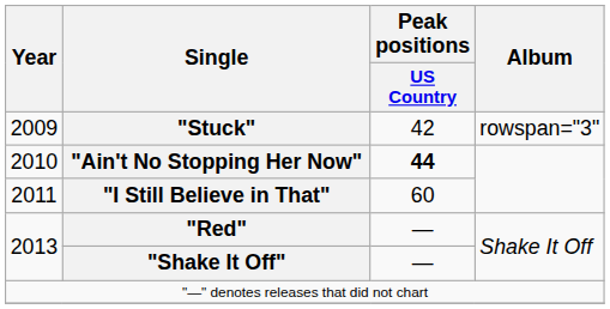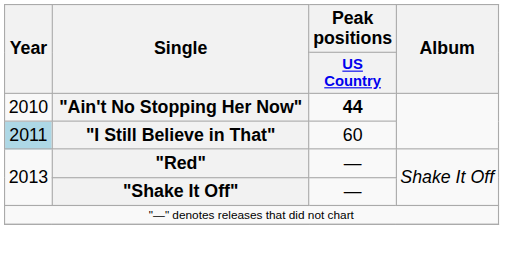 <table class="wikitable plainrowheaders" style="text-align:center;">
 <tr>
 <th rowspan="2">Year</th>
 <th rowspan="2" style="width:14em;">Single</th>
 <th colspan="1">Peak positions</th>
 <th rowspan="2">Album</th>
 </tr>
 <tr style="font-size:smaller;">
 <th width="65"><a href='#'>US Country</a></th>
 </tr>
 <tr>
-<td>2009</td>
-<th scope="row">"Stuck"</th>
-<td>42</td>
-<td>rowspan="3" </td>
-</tr>
-<tr>
 <td>2010</td>
 <th scope="row">"Ain't No Stopping Her Now"</th>
 <td><strong>44</strong></td>
 </tr>
 <tr>
-<td>2011</td>
+<td style="background: lightblue;">2011</td>
 <th scope="row">"I Still Believe in That"</th>
 <td>60</td>
 </tr>
 <tr>
 <td rowspan="2">2013</td>
 <th scope="row">"Red"</th>
 <td>—</td>
 <td align="left" rowspan="2"><em>Shake It Off</em></td>
 </tr>
 <tr>
 <th scope="row">"Shake It Off"</th>
 <td>—</td>
 </tr>
 <tr>
 <td colspan="4" style="font-size:8pt">"—" denotes releases that did not chart</td>
 </tr>
 <tr>
 </tr>
 </table>
